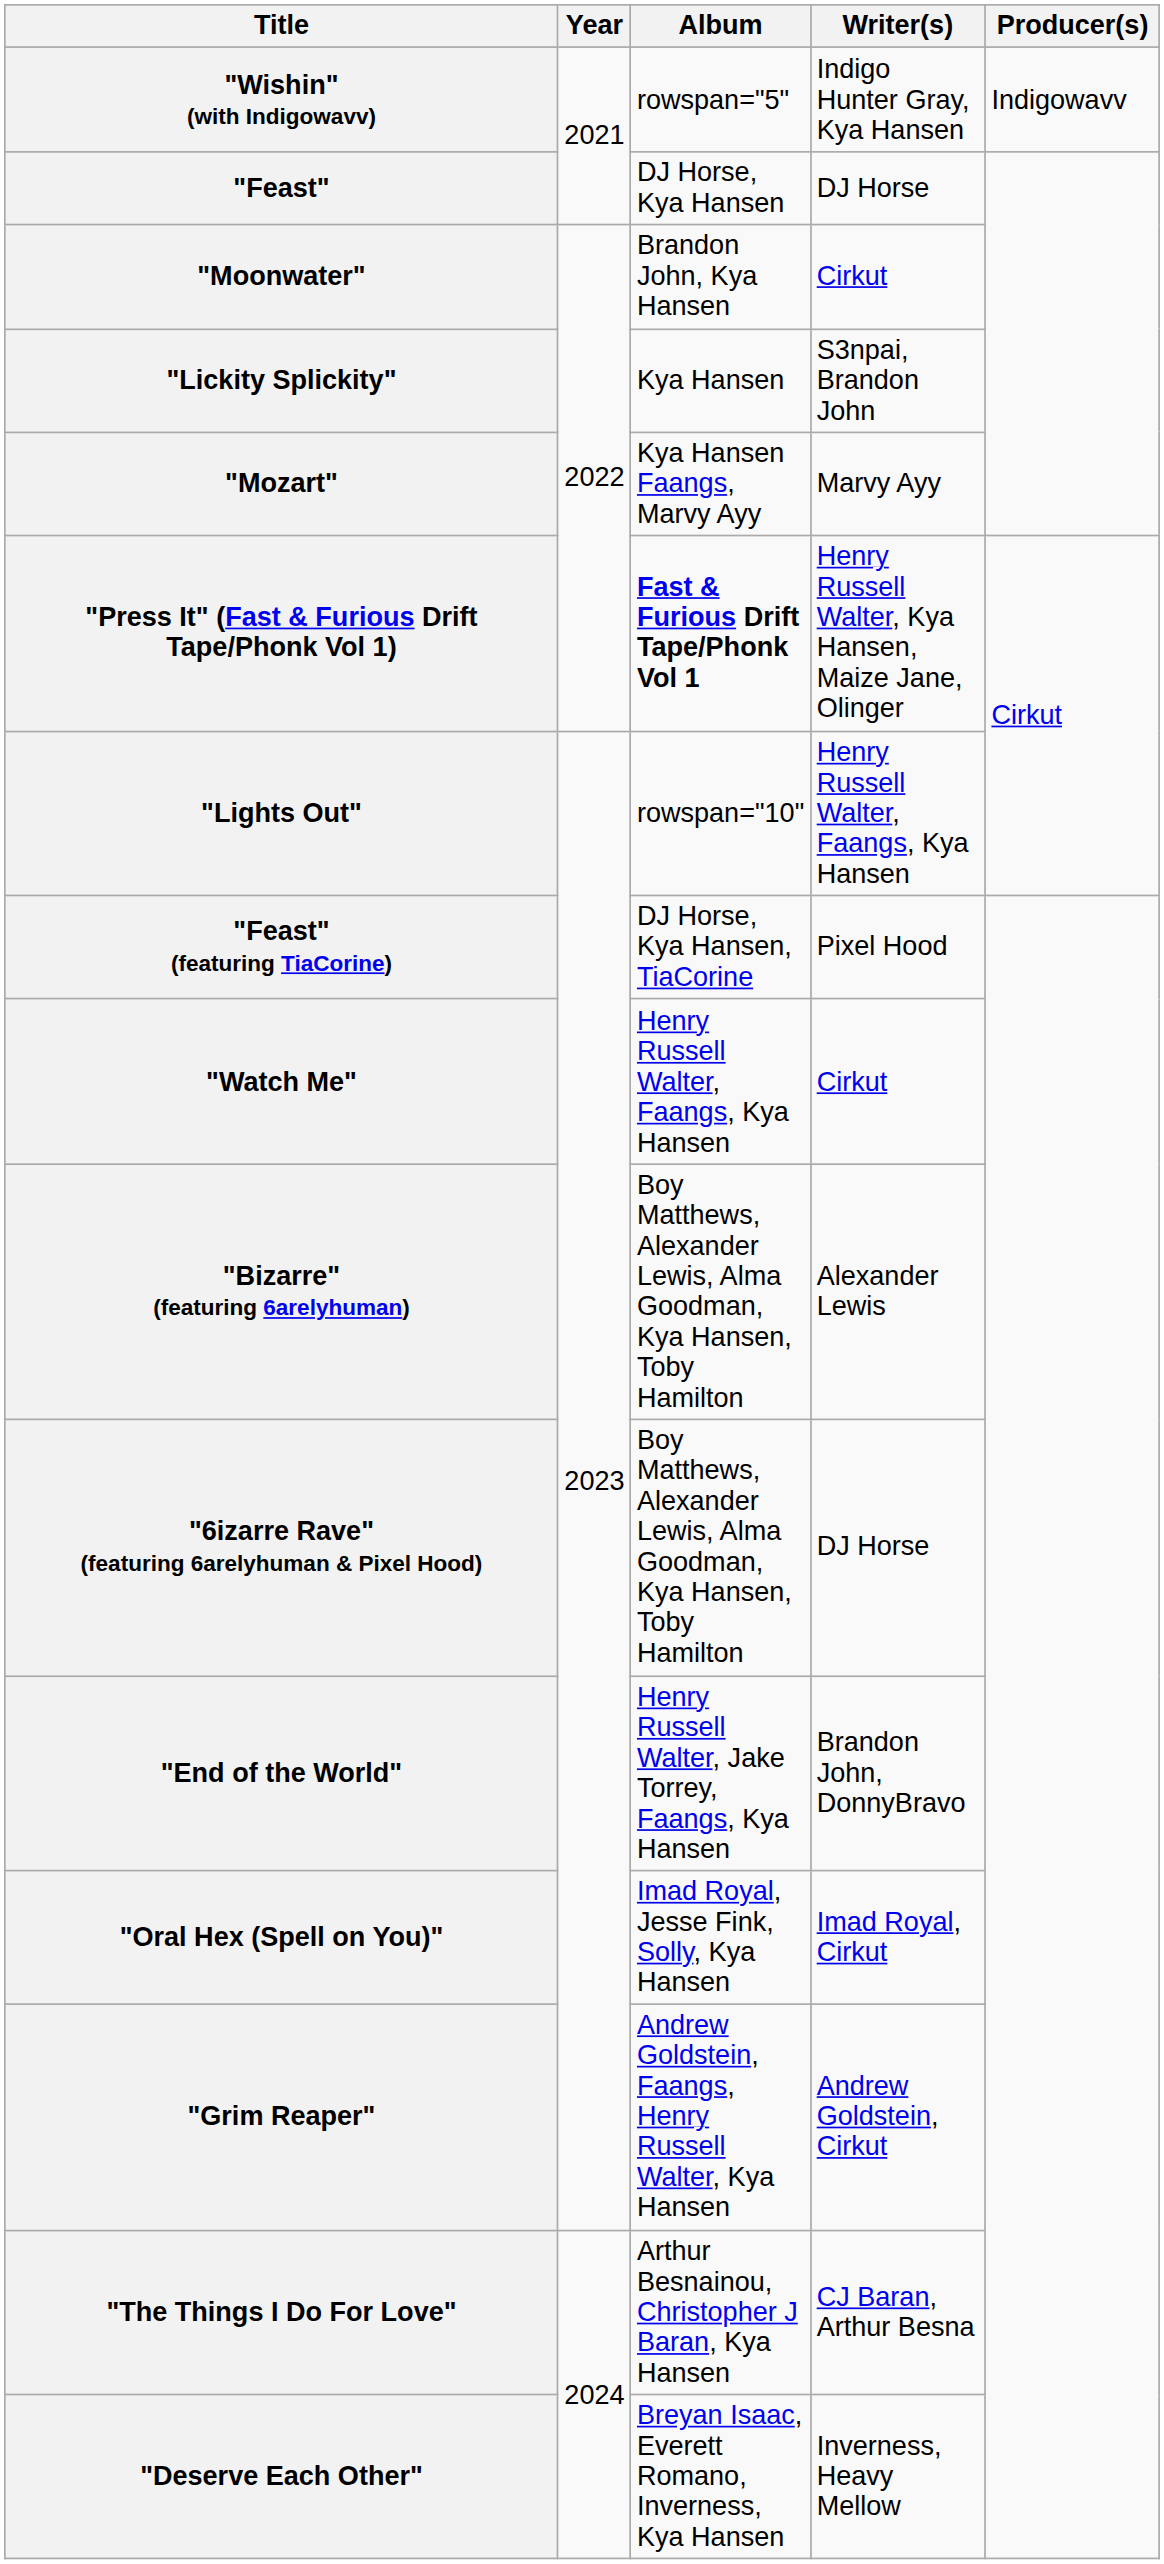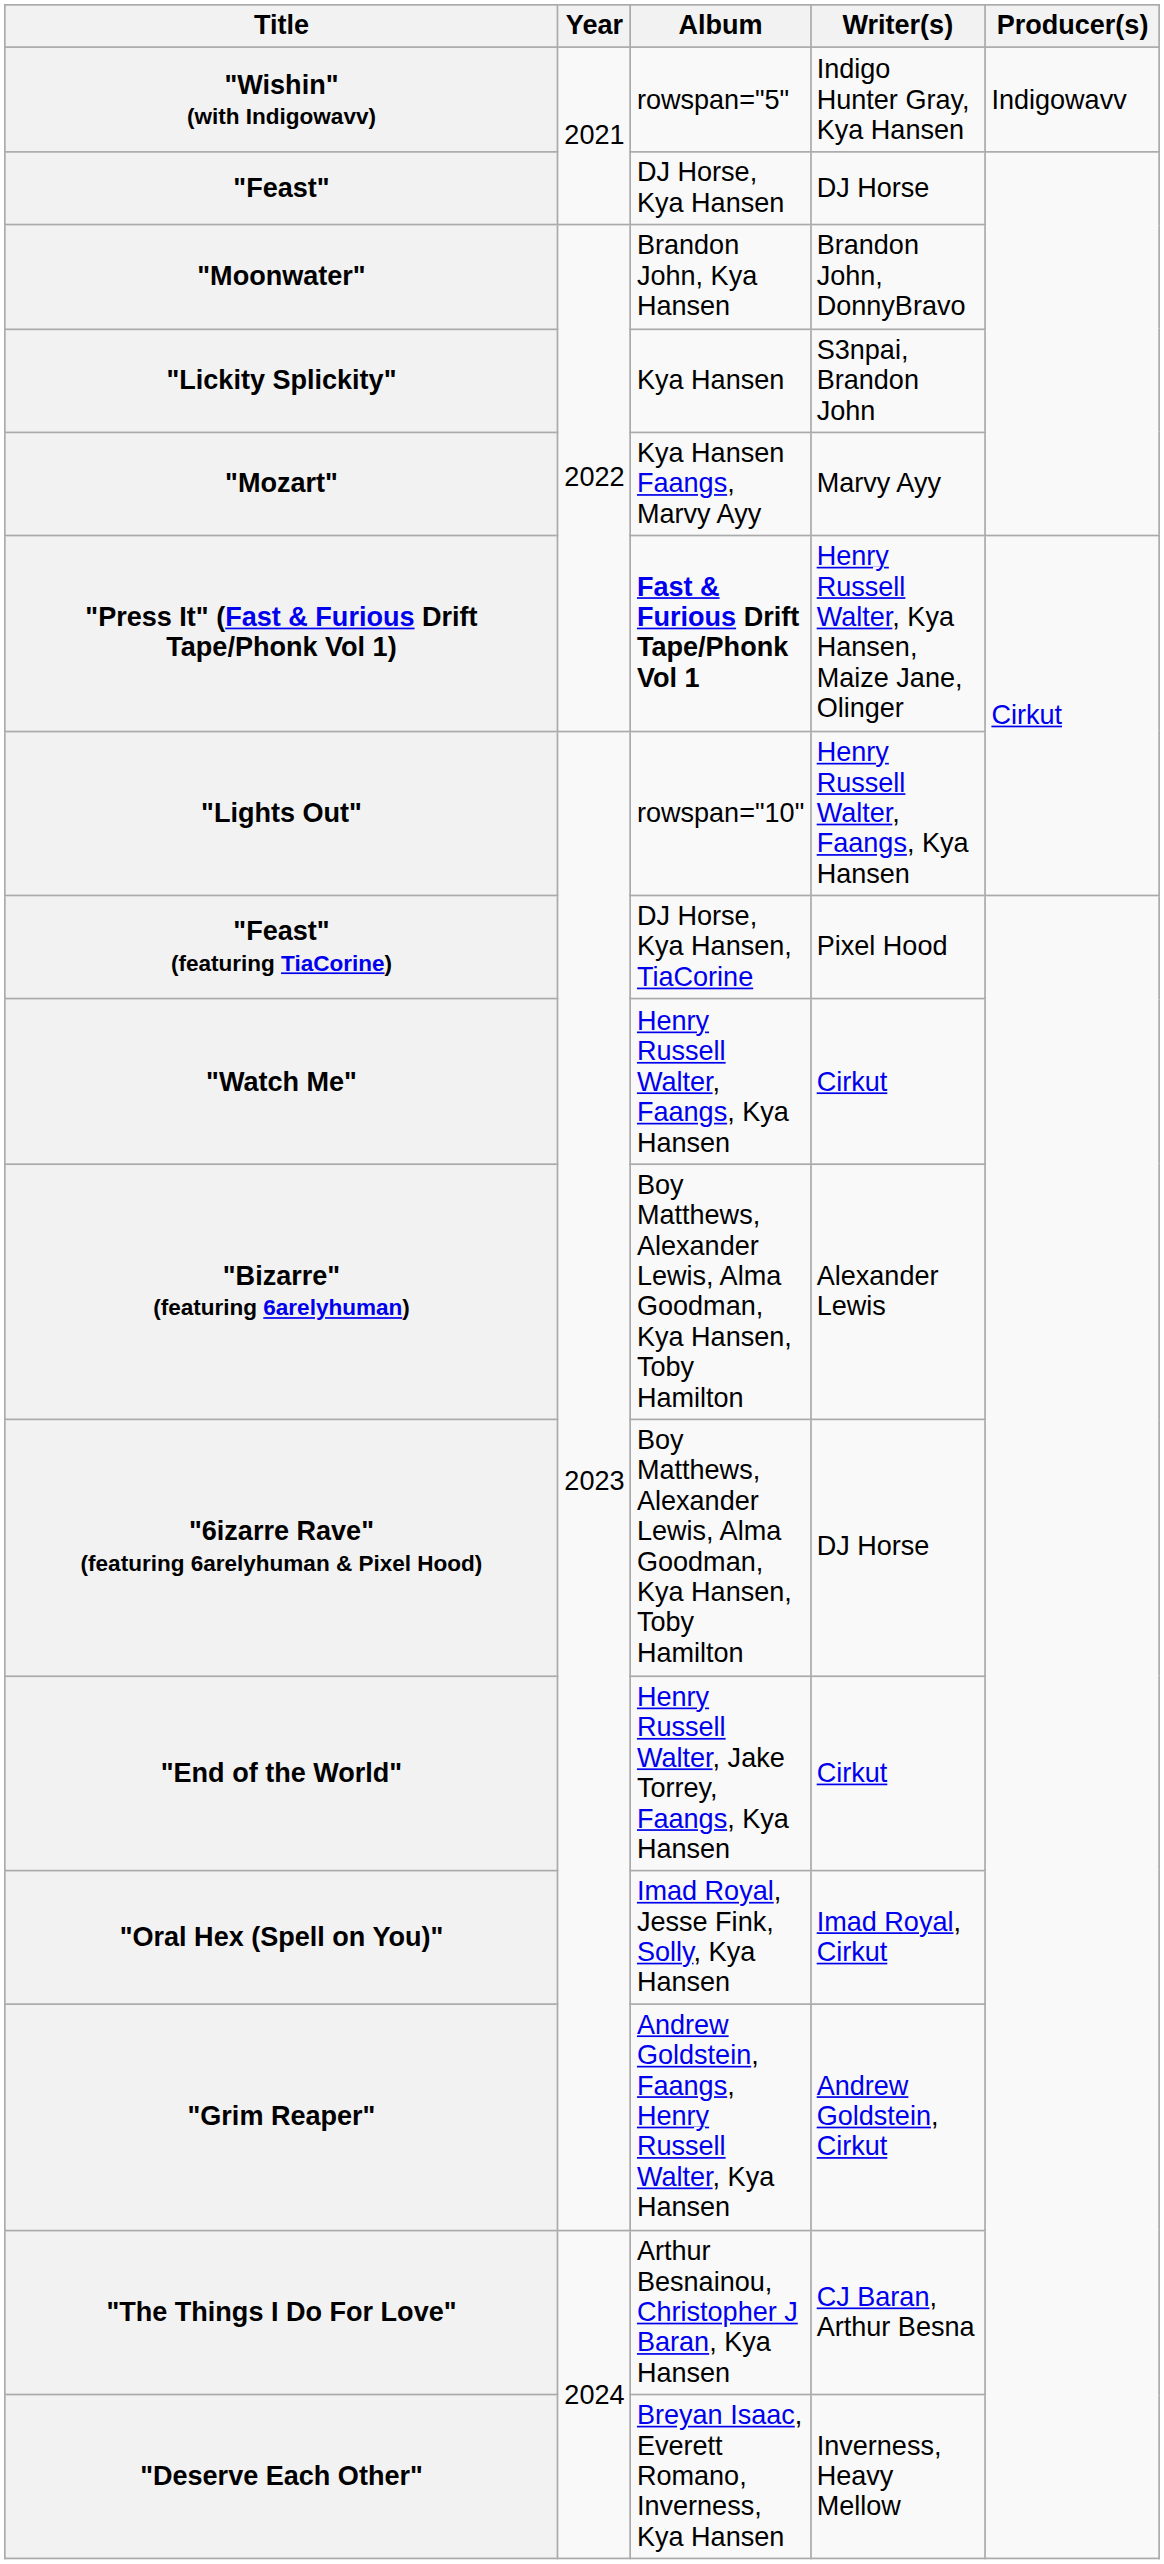 <table class="wikitable plainrowheaders" style="text-align:left;">
 <tr>
 <th scope="col"  style="width:20em;">Title</th>
 <th scope="col"  style="width:2em;">Year</th>
 <th scope="col"  style="width:6em;">Album</th>
 <th scope="col"  style="width:6em;">Writer(s)</th>
 <th scope="col"  style="width:6em;">Producer(s)</th>
 </tr>
 <tr>
 <th scope="row">"Wishin"<br><small>(with Indigowavv)</small></th>
 <td rowspan="2">2021</td>
 <td>rowspan="5"</td>
 <td>Indigo Hunter Gray, Kya Hansen</td>
 <td>Indigowavv</td>
 </tr>
 <tr>
 <th scope="row">"Feast"</th>
 <td>DJ Horse, Kya Hansen</td>
 <td>DJ Horse</td>
 </tr>
 <tr>
 <th scope="row">"Moonwater"</th>
 <td rowspan="4">2022</td>
 <td>Brandon John, Kya Hansen</td>
-<td><a href='#'>Cirkut</a></td>
+<td>Brandon John, DonnyBravo</td>
 </tr>
 <tr>
 <th scope="row">"Lickity Splickity"</th>
 <td>Kya Hansen</td>
 <td>S3npai, Brandon John</td>
 </tr>
 <tr>
 <th scope="row">"Mozart"</th>
 <td>Kya Hansen <a href='#'>Faangs</a>, Marvy Ayy</td>
 <td>Marvy Ayy</td>
 </tr>
 <tr>
 <th scope="row">"Press It" (<a href='#'>Fast & Furious</a> Drift Tape/Phonk Vol 1)</th>
 <td><strong><a href='#'>Fast & Furious</a> Drift Tape/Phonk Vol 1</strong></td>
 <td><a href='#'>Henry Russell Walter</a>, Kya Hansen, Maize Jane, Olinger</td>
 <td rowspan="2"><a href='#'>Cirkut</a></td>
 </tr>
 <tr>
 <th scope="row">"Lights Out"</th>
 <td rowspan="8">2023</td>
 <td>rowspan="10"</td>
 <td><a href='#'>Henry Russell Walter</a>, <a href='#'>Faangs</a>, Kya Hansen</td>
 </tr>
 <tr>
 <th scope="row">"Feast"<br><small>(featuring <a href='#'>TiaCorine</a>)</small></th>
 <td>DJ Horse, Kya Hansen, <a href='#'>TiaCorine</a></td>
 <td>Pixel Hood</td>
 </tr>
 <tr>
 <th scope="row">"Watch Me"</th>
 <td><a href='#'>Henry Russell Walter</a>, <a href='#'>Faangs</a>, Kya Hansen</td>
 <td><a href='#'>Cirkut</a></td>
 </tr>
 <tr>
 <th scope="row">"Bizarre"<br><small>(featuring <a href='#'>6arelyhuman</a>)</small></th>
 <td>Boy Matthews, Alexander Lewis, Alma Goodman, Kya Hansen, Toby Hamilton</td>
 <td>Alexander Lewis</td>
 </tr>
 <tr>
 <th scope="row">"6izarre Rave"<br><small>(featuring 6arelyhuman & Pixel Hood)</small></th>
 <td>Boy Matthews, Alexander Lewis, Alma Goodman, Kya Hansen, Toby Hamilton</td>
 <td>DJ Horse</td>
 </tr>
 <tr>
 <th scope="row">"End of the World"</th>
 <td><a href='#'>Henry Russell Walter</a>, Jake Torrey, <a href='#'>Faangs</a>, Kya Hansen</td>
-<td>Brandon John, DonnyBravo</td>
+<td><a href='#'>Cirkut</a></td>
 </tr>
 <tr>
 <th scope="row">"Oral Hex (Spell on You)"</th>
 <td><a href='#'>Imad Royal</a>, Jesse Fink, <a href='#'>Solly</a>, Kya Hansen</td>
 <td><a href='#'>Imad Royal</a>, <a href='#'>Cirkut</a></td>
 </tr>
 <tr>
 <th scope="row">"Grim Reaper"</th>
 <td><a href='#'>Andrew Goldstein</a>, <a href='#'>Faangs</a>, <a href='#'>Henry Russell Walter</a>, Kya Hansen</td>
 <td><a href='#'>Andrew Goldstein</a>, <a href='#'>Cirkut</a></td>
 </tr>
 <tr>
 <th scope="row">"The Things I Do For Love"</th>
 <td rowspan="2">2024</td>
 <td>Arthur Besnainou, <a href='#'>Christopher J Baran</a>, Kya Hansen</td>
 <td><a href='#'>CJ Baran</a>, Arthur Besna</td>
 </tr>
 <tr>
 <th scope="row">"Deserve Each Other"</th>
 <td><a href='#'>Breyan Isaac</a>, Everett Romano, Inverness, Kya Hansen</td>
 <td>Inverness, Heavy Mellow</td>
 </tr>
 </table>
